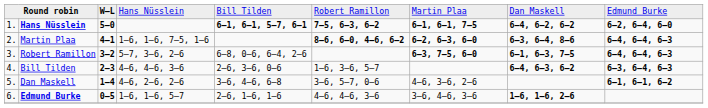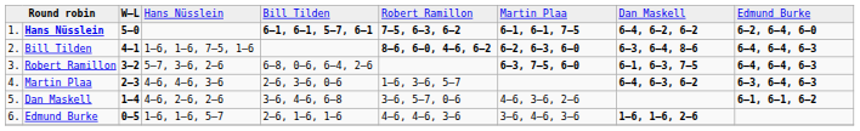 <table class="wikitable" style=font-size:89%>
 <tr bgcolor="#eeeeee">
 <td colspan="2" align="center"><strong>Round robin</strong></td>
 <td><strong>W–L</strong></td>
 <td width=130> <a href='#'>Hans Nüsslein</a></td>
 <td width=130> <a href='#'>Bill Tilden</a></td>
 <td width=130> <a href='#'>Robert Ramillon</a></td>
 <td width=130> <a href='#'>Martin Plaa</a></td>
 <td width=130> <a href='#'>Dan Maskell</a></td>
 <td width=130> <a href='#'>Edmund Burke</a></td>
 </tr>
 <tr>
 <td>1.</td>
 <td><strong> <a href='#'>Hans Nüsslein</a></strong></td>
 <td><strong>5–0</strong></td>
 <td></td>
 <td><strong>6–1, 6–1, 5–7, 6–1</strong></td>
 <td><strong>7–5, 6–3, 6–2</strong></td>
 <td><strong>6–1, 6–1, 7–5</strong></td>
 <td><strong>6–4, 6–2, 6–2</strong></td>
 <td><strong>6–2, 6–4, 6–0</strong></td>
 </tr>
 <tr>
 <td>2.</td>
-<td> <a href='#'>Martin Plaa</a></td>
+<td> <a href='#'>Bill Tilden</a></td>
 <td><strong>4–1</strong></td>
 <td>1–6, 1–6, 7–5, 1–6</td>
 <td></td>
 <td><strong>8–6, 6–0, 4–6, 6–2</strong></td>
 <td><strong>6–2, 6–3, 6–0</strong></td>
 <td><strong>6–3, 6–4, 8–6</strong></td>
 <td><strong>6–4, 6–4, 6–3</strong></td>
 </tr>
 <tr>
 <td>3.</td>
 <td> <a href='#'>Robert Ramillon</a></td>
 <td><strong>3–2</strong></td>
 <td>5–7, 3–6, 2–6</td>
 <td>6–8, 0–6, 6–4, 2–6</td>
 <td></td>
 <td><strong>6–3, 7–5, 6–0</strong></td>
 <td><strong>6–1, 6–3, 7–5</strong></td>
 <td><strong>6–4, 6–4, 6–3</strong></td>
 </tr>
 <tr>
 <td>4.</td>
-<td> <a href='#'>Bill Tilden</a></td>
+<td> <a href='#'>Martin Plaa</a></td>
 <td><strong>2–3</strong></td>
 <td>4–6, 4–6, 3–6</td>
 <td>2–6, 3–6, 0–6</td>
 <td>1–6, 3–6, 5–7</td>
 <td></td>
 <td><strong>6–4, 6–3, 6–2</strong></td>
 <td><strong>6–3, 6–4, 6–3</strong></td>
 </tr>
 <tr>
 <td>5.</td>
 <td> <a href='#'>Dan Maskell</a></td>
 <td><strong>1–4</strong></td>
 <td>4–6, 2–6, 2–6</td>
 <td>3–6, 4–6, 6–8</td>
 <td>3–6, 5–7, 0–6</td>
 <td>4–6, 3–6, 2–6</td>
 <td></td>
 <td><strong>6–1, 6–1, 6–2</strong></td>
 </tr>
 <tr>
 <td>6.</td>
-<td><strong> <a href='#'>Edmund Burke</a></strong></td>
+<td> <a href='#'>Edmund Burke</a></td>
 <td><strong>0–5</strong></td>
 <td>1–6, 1–6, 5–7</td>
 <td>2–6, 1–6, 1–6</td>
 <td>4–6, 4–6, 3–6</td>
 <td>3–6, 4–6, 3–6</td>
 <td><strong>1–6, 1–6, 2–6</strong></td>
 <td></td>
 </tr>
 <tr>
 </tr>
 </table>
